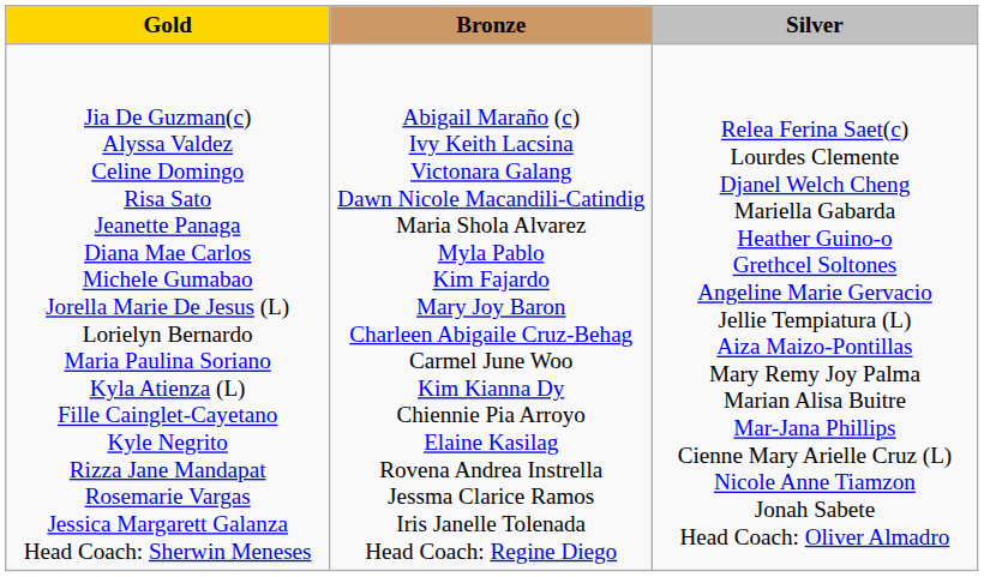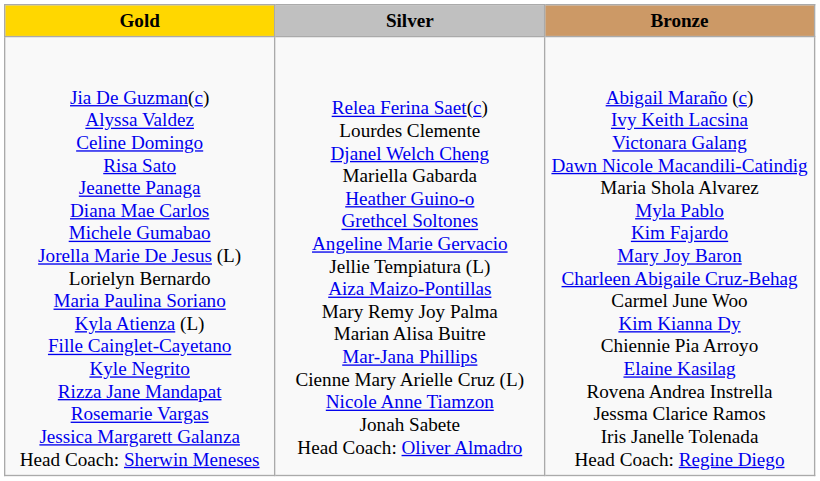 <table class="wikitable" style="text-align:center; font-size:90%">
 <tr>
 <th style="width:20em; background:gold">Gold</th>
+<th style="width:20em; background:silver">Silver</th>
 <th style="width:20em; background:#cc9966">Bronze</th>
-<th style="width:20em; background:silver">Silver</th>
 </tr>
 <tr>
 <td><br><br><a href='#'>Jia De Guzman</a>(<a href='#'>c</a>)<br> <a href='#'>Alyssa Valdez</a><br> <a href='#'>Celine Domingo</a><br> <a href='#'>Risa Sato</a><br> <a href='#'>Jeanette Panaga</a><br> <a href='#'>Diana Mae Carlos</a><br> <a href='#'>Michele Gumabao</a><br> <a href='#'>Jorella Marie De Jesus</a> (L)<br> Lorielyn Bernardo<br> <a href='#'>Maria Paulina Soriano</a><br> <a href='#'>Kyla Atienza</a> (L)<br> <a href='#'>Fille Cainglet-Cayetano</a><br> <a href='#'>Kyle Negrito</a><br> <a href='#'>Rizza Jane Mandapat</a><br> <a href='#'>Rosemarie Vargas</a><br> <a href='#'>Jessica Margarett Galanza</a><br>Head Coach: <a href='#'>Sherwin Meneses</a></td>
+<td><br><br><a href='#'>Relea Ferina Saet</a>(<a href='#'>c</a>)<br> Lourdes Clemente<br> <a href='#'>Djanel Welch Cheng</a><br> Mariella Gabarda<br> <a href='#'>Heather Guino-o</a><br> <a href='#'>Grethcel Soltones</a><br> <a href='#'>Angeline Marie Gervacio</a><br> Jellie Tempiatura (L)<br> <a href='#'>Aiza Maizo-Pontillas</a><br> Mary Remy Joy Palma<br> Marian Alisa Buitre<br> <a href='#'>Mar-Jana Phillips</a><br> Cienne Mary Arielle Cruz (L)<br> <a href='#'>Nicole Anne Tiamzon</a><br> Jonah Sabete<br>Head Coach: <a href='#'>Oliver Almadro</a></td>
 <td><br><br><a href='#'>Abigail Maraño</a> (<a href='#'>c</a>)<br> <a href='#'>Ivy Keith Lacsina</a><br> <a href='#'>Victonara Galang</a><br> <a href='#'>Dawn Nicole Macandili-Catindig</a><br> Maria Shola Alvarez<br> <a href='#'>Myla Pablo</a><br> <a href='#'>Kim Fajardo</a><br> <a href='#'>Mary Joy Baron</a><br> <a href='#'>Charleen Abigaile Cruz-Behag</a><br> Carmel June Woo<br> <a href='#'>Kim Kianna Dy</a><br> Chiennie Pia Arroyo<br> <a href='#'>Elaine Kasilag</a><br> Rovena Andrea Instrella<br> Jessma Clarice Ramos<br> Iris Janelle Tolenada<br>Head Coach: <a href='#'>Regine Diego</a></td>
-<td><br><br><a href='#'>Relea Ferina Saet</a>(<a href='#'>c</a>)<br> Lourdes Clemente<br> <a href='#'>Djanel Welch Cheng</a><br> Mariella Gabarda<br> <a href='#'>Heather Guino-o</a><br> <a href='#'>Grethcel Soltones</a><br> <a href='#'>Angeline Marie Gervacio</a><br> Jellie Tempiatura (L)<br> <a href='#'>Aiza Maizo-Pontillas</a><br> Mary Remy Joy Palma<br> Marian Alisa Buitre<br> <a href='#'>Mar-Jana Phillips</a><br> Cienne Mary Arielle Cruz (L)<br> <a href='#'>Nicole Anne Tiamzon</a><br> Jonah Sabete<br>Head Coach: <a href='#'>Oliver Almadro</a></td>
 </tr>
 </table>
